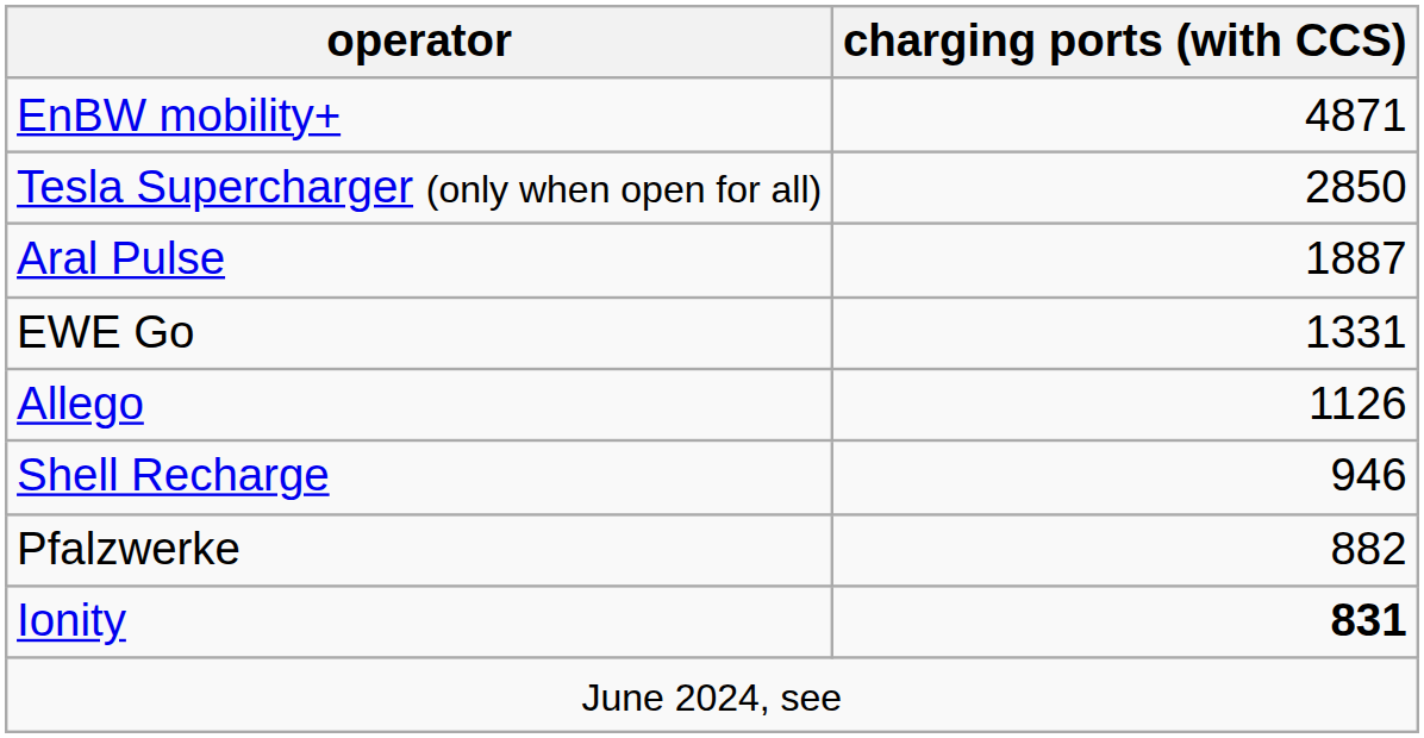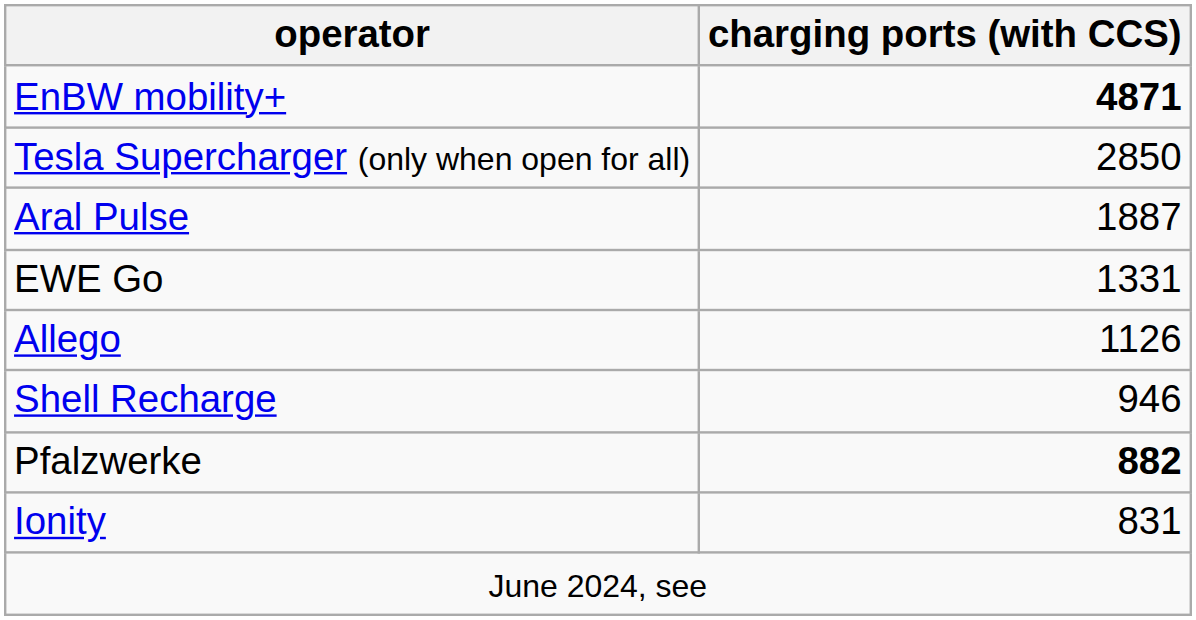 <table class="wikitable sortable" style="text-align:right">
 <tr>
 <th>operator</th>
 <th>charging ports (with CCS)</th>
 </tr>
 <tr>
 <td style="text-align:left"><a href='#'>EnBW mobility+</a></td>
-<td>4871</td>
+<td><strong>4871</strong></td>
 </tr>
 <tr>
 <td style="text-align:left"><a href='#'>Tesla Supercharger</a> <small>(only when open for all)</small></td>
 <td>2850</td>
 </tr>
 <tr>
 <td style="text-align:left"><a href='#'>Aral Pulse</a></td>
 <td>1887</td>
 </tr>
 <tr>
 <td style="text-align:left">EWE Go</td>
 <td>1331</td>
 </tr>
 <tr>
 <td style="text-align:left"><a href='#'>Allego</a></td>
 <td>1126</td>
 </tr>
 <tr>
 <td style="text-align:left"><a href='#'>Shell Recharge</a></td>
 <td>946</td>
 </tr>
 <tr>
 <td style="text-align:left">Pfalzwerke</td>
-<td>882</td>
+<td><strong>882</strong></td>
 </tr>
 <tr>
 <td style="text-align:left"><a href='#'>Ionity</a></td>
-<td><strong>831</strong></td>
+<td>831</td>
 </tr>
 <tr>
 <td colspan="3" style="text-align:center"><small>June 2024, see </small></td>
 </tr>
 </table>
